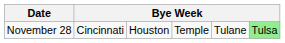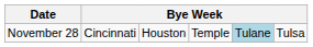 <table class="wikitable" style="font-size:95%;">
 <tr>
 <th>Date</th>
 <th colspan="8">Bye Week</th>
 </tr>
 <tr>
 <td>November 28</td>
 <td>Cincinnati</td>
 <td>Houston</td>
 <td>Temple</td>
-<td>Tulane</td>
-<td style="background: lightgreen;">Tulsa</td>
+<td style="background: lightblue;">Tulane</td>
+<td>Tulsa</td>
 </tr>
 </table>
